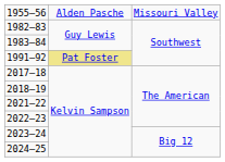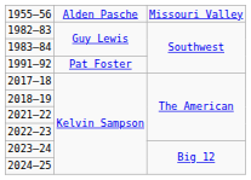 <table class="wikitable" style="text-align:center">
 <tr>
 <td>1955–56</td>
 <td><a href='#'>Alden Pasche</a></td>
 <td><a href='#'>Missouri Valley</a></td>
 </tr>
 <tr>
 <td>1982–83</td>
 <td rowspan=2><a href='#'>Guy Lewis</a></td>
 <td rowspan=3><a href='#'>Southwest</a></td>
 </tr>
 <tr>
 <td>1983–84</td>
 </tr>
 <tr>
 <td>1991–92</td>
-<td style="background: khaki;"><a href='#'>Pat Foster</a></td>
+<td><a href='#'>Pat Foster</a></td>
 </tr>
 <tr>
 <td>2017–18</td>
 <td rowspan=6><a href='#'>Kelvin Sampson</a></td>
 <td rowspan=4><a href='#'>The American</a></td>
 </tr>
 <tr>
 <td>2018–19</td>
 </tr>
 <tr>
 <td>2021–22</td>
 </tr>
 <tr>
 <td>2022–23</td>
 </tr>
 <tr>
 <td>2023–24</td>
 <td rowspan=2><a href='#'>Big 12</a></td>
 </tr>
 <tr>
 <td>2024–25</td>
 </tr>
 </table>
